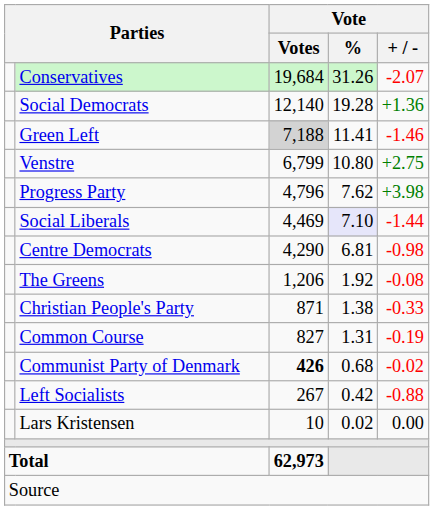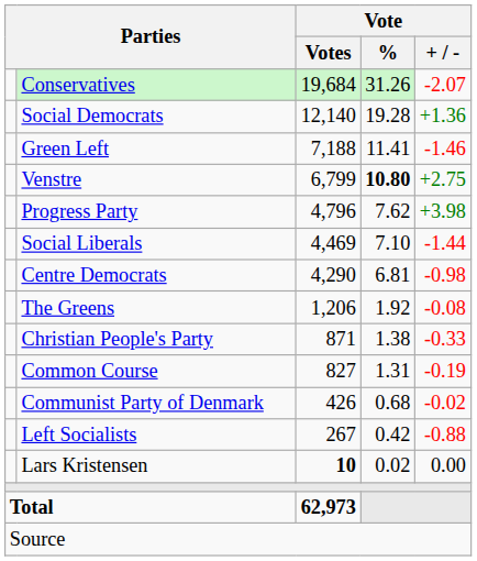 <table class="wikitable" style="text-align:right;">
 <tr>
 <th style="text-align:centre;" rowspan="2" colspan="2" width="225">Parties</th>
 <th colspan="3">Vote</th>
 </tr>
 <tr>
 <th width="15">Votes</th>
 <th width="15">%</th>
 <th width="15">+ / -</th>
 </tr>
 <tr>
 <td width="2" style="color:inherit;background:"></td>
 <td bgcolor=#ccf7cc  align="left"><a href='#'>Conservatives</a></td>
 <td bgcolor=#ccf7cc>19,684</td>
 <td bgcolor=#ccf7cc>31.26</td>
 <td style=color:red;>-2.07</td>
 </tr>
 <tr>
 <td width="2" style="color:inherit;background:"></td>
 <td align="left"><a href='#'>Social Democrats</a></td>
 <td>12,140</td>
 <td>19.28</td>
 <td style=color:green;>+1.36</td>
 </tr>
 <tr>
 <td width="2" style="color:inherit;background:"></td>
 <td align="left"><a href='#'>Green Left</a></td>
-<td style="background: lightgrey;">7,188</td>
+<td>7,188</td>
 <td>11.41</td>
 <td style=color:red;>-1.46</td>
 </tr>
 <tr>
 <td width="2" style="color:inherit;background:"></td>
 <td align="left"><a href='#'>Venstre</a></td>
 <td>6,799</td>
-<td>10.80</td>
+<td><strong>10.80</strong></td>
 <td style=color:green;>+2.75</td>
 </tr>
 <tr>
 <td width="2" style="color:inherit;background:"></td>
 <td align="left"><a href='#'>Progress Party</a></td>
 <td>4,796</td>
 <td>7.62</td>
 <td style=color:green;>+3.98</td>
 </tr>
 <tr>
 <td width="2" style="color:inherit;background:"></td>
 <td align="left"><a href='#'>Social Liberals</a></td>
 <td>4,469</td>
-<td style="background: lavender;">7.10</td>
+<td>7.10</td>
 <td style=color:red;>-1.44</td>
 </tr>
 <tr>
 <td width="2" style="color:inherit;background:"></td>
 <td align="left"><a href='#'>Centre Democrats</a></td>
 <td>4,290</td>
 <td>6.81</td>
 <td style=color:red;>-0.98</td>
 </tr>
 <tr>
 <td width="2" style="color:inherit;background:"></td>
 <td align="left"><a href='#'>The Greens</a></td>
 <td>1,206</td>
 <td>1.92</td>
 <td style=color:red;>-0.08</td>
 </tr>
 <tr>
 <td width="2" style="color:inherit;background:"></td>
 <td align="left"><a href='#'>Christian People's Party</a></td>
 <td>871</td>
 <td>1.38</td>
 <td style=color:red;>-0.33</td>
 </tr>
 <tr>
 <td width="2" style="color:inherit;background:"></td>
 <td align="left"><a href='#'>Common Course</a></td>
 <td>827</td>
 <td>1.31</td>
 <td style=color:red;>-0.19</td>
 </tr>
 <tr>
 <td width="2" style="color:inherit;background:"></td>
 <td align="left"><a href='#'>Communist Party of Denmark</a></td>
-<td><strong>426</strong></td>
+<td>426</td>
 <td>0.68</td>
 <td style=color:red;>-0.02</td>
 </tr>
 <tr>
 <td width="2" style="color:inherit;background:"></td>
 <td align="left"><a href='#'>Left Socialists</a></td>
 <td>267</td>
 <td>0.42</td>
 <td style=color:red;>-0.88</td>
 </tr>
 <tr>
 <td width="2" style="color:inherit;background:"></td>
 <td align="left">Lars Kristensen</td>
-<td>10</td>
+<td><strong>10</strong></td>
 <td>0.02</td>
 <td>0.00</td>
 </tr>
 <tr>
 <td colspan="7" bgcolor="#E9E9E9"></td>
 </tr>
 <tr>
 <td align="left" colspan="2"><strong>Total</strong></td>
 <td><strong>62,973</strong></td>
 <td bgcolor="#E9E9E9" colspan="2"></td>
 </tr>
 <tr>
 <td align="left" colspan="6">Source</td>
 </tr>
 </table>
